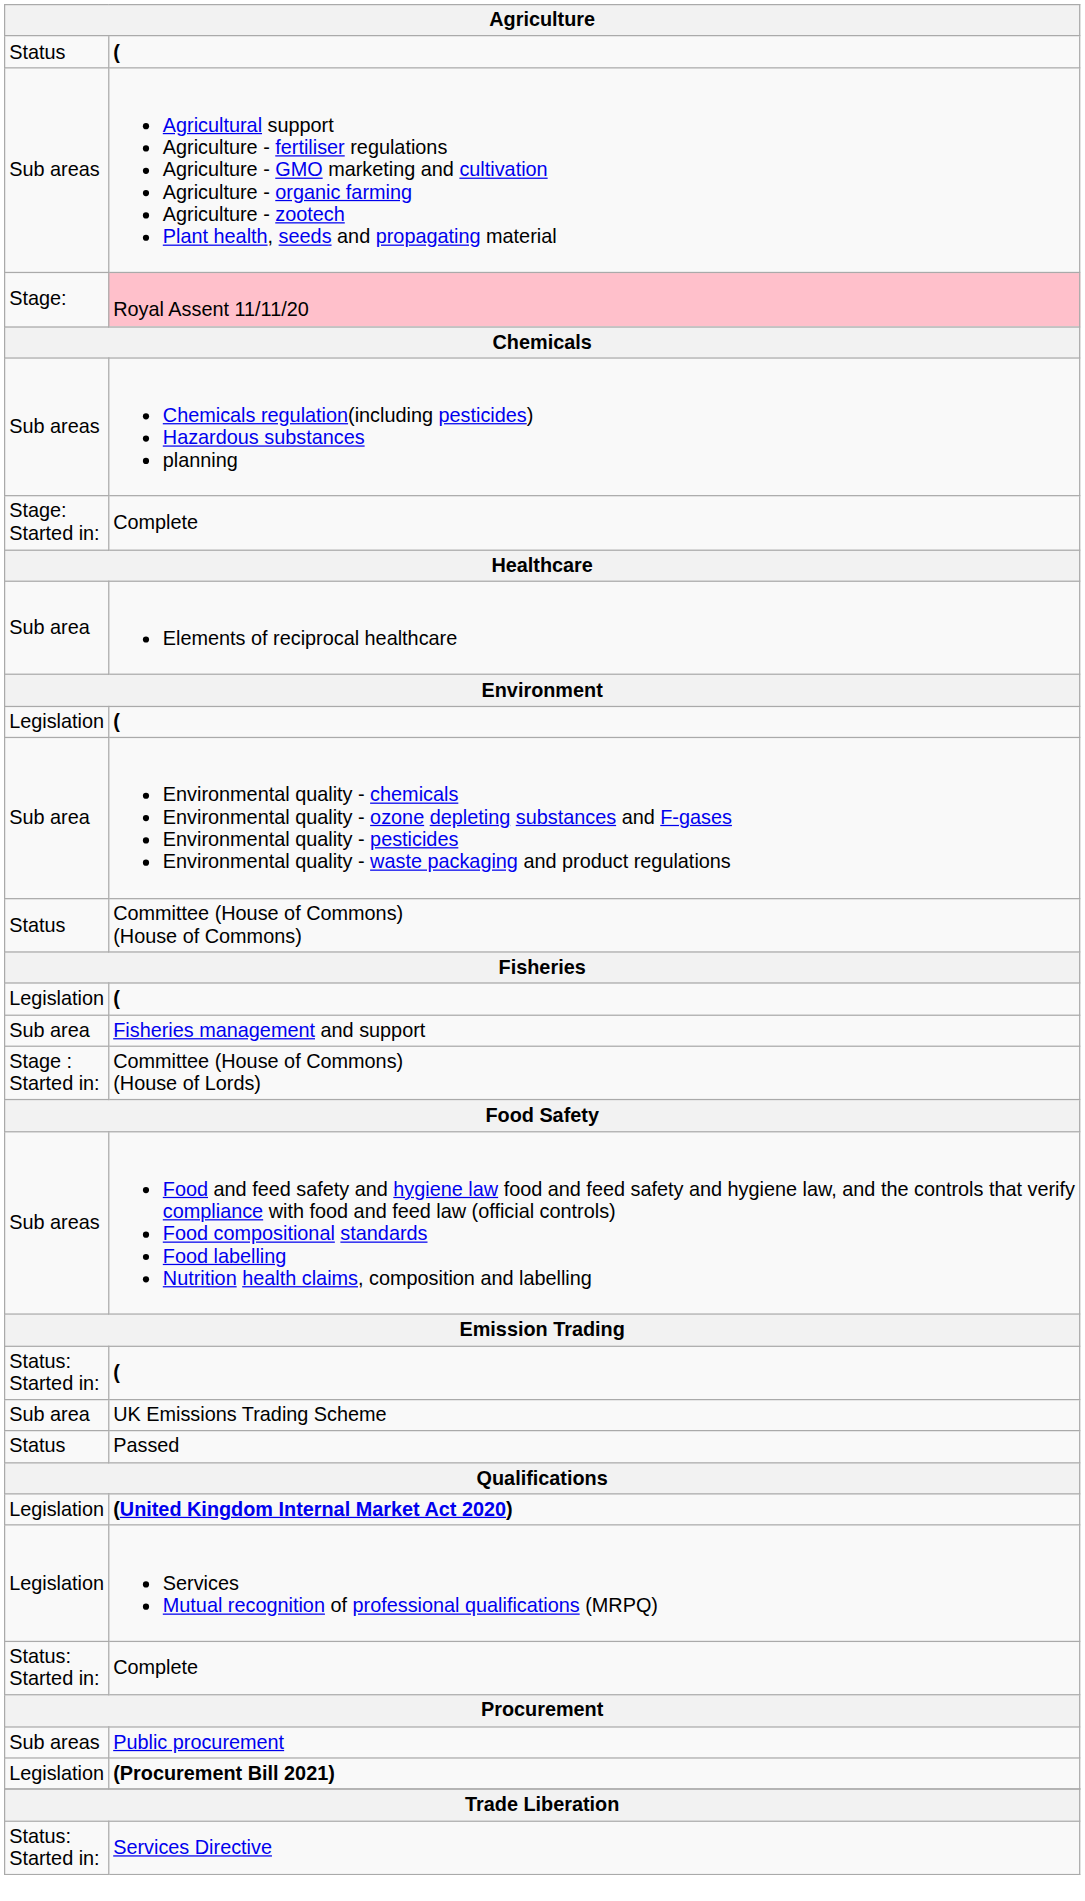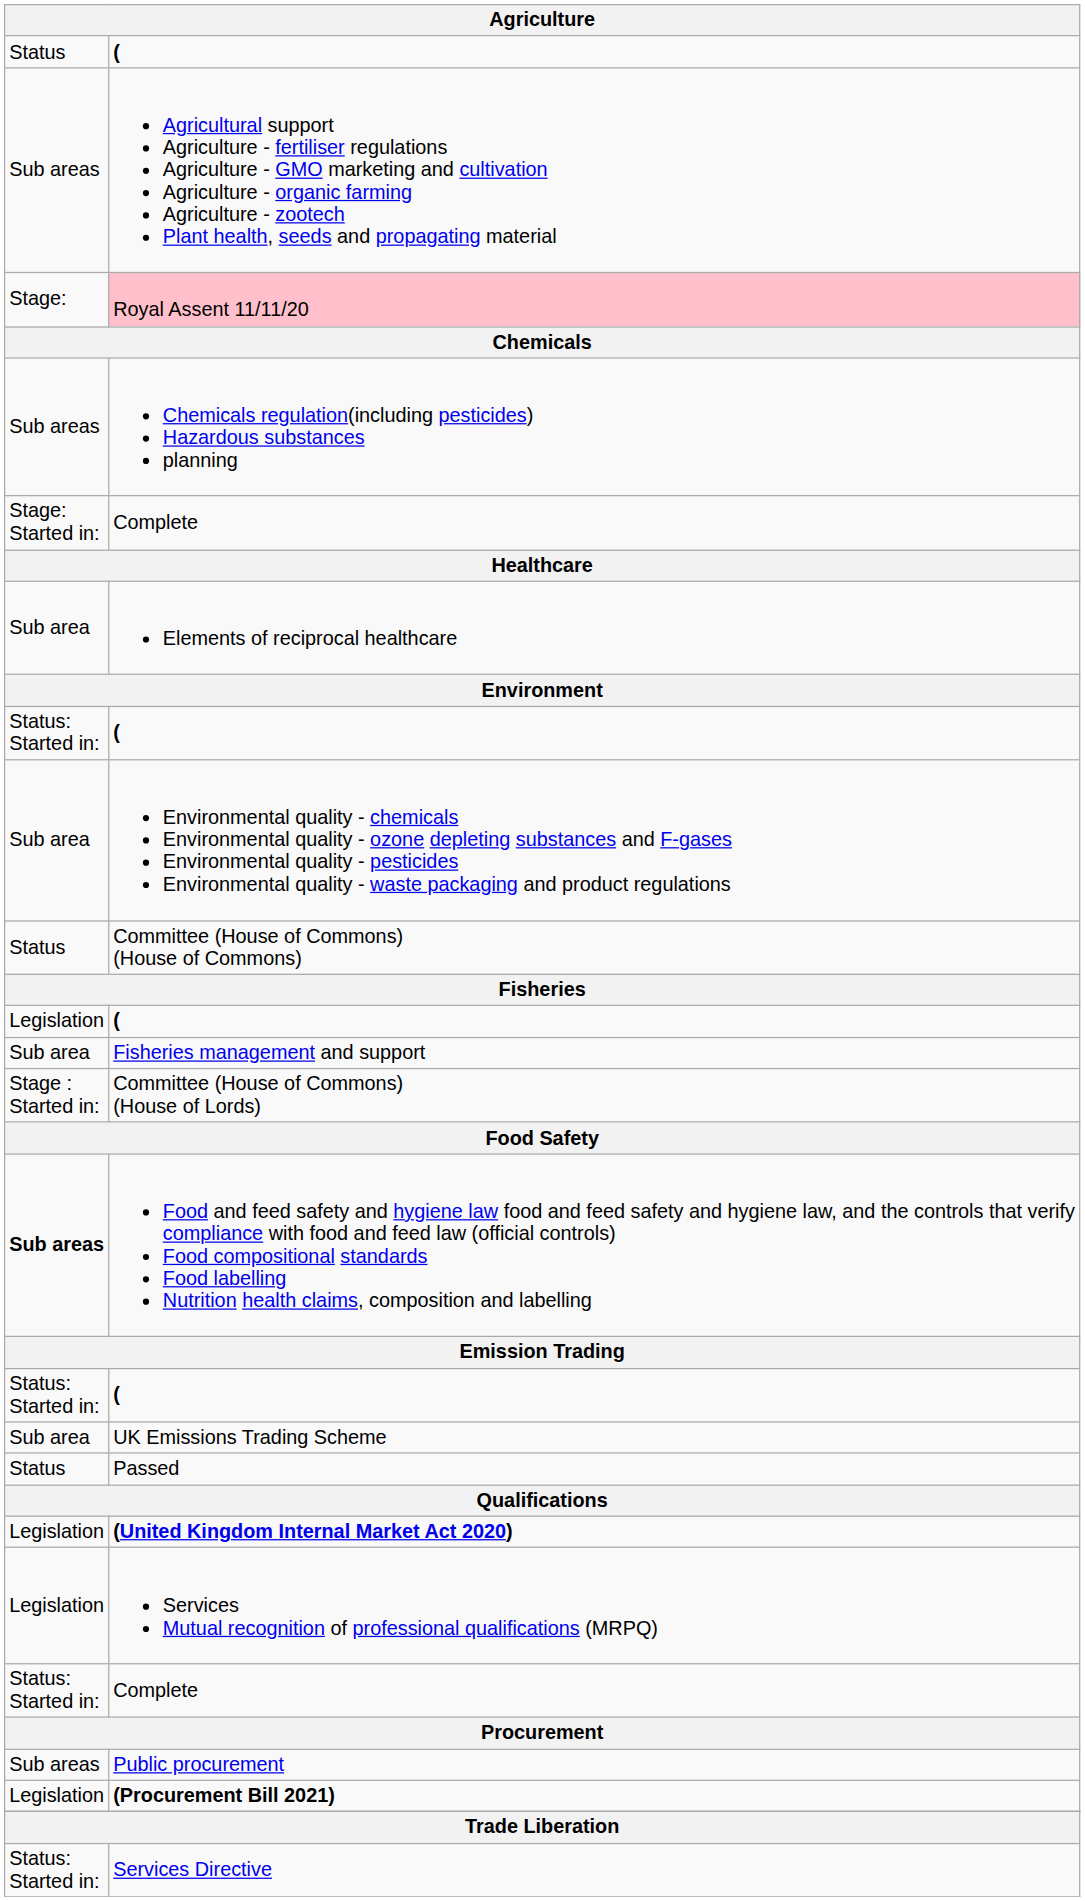 <table class="wikitable">
 <tr>
 <th colspan="2"><strong>Agriculture</strong></th>
 </tr>
 <tr>
 <td>Status</td>
 <td><strong>(</strong></td>
 </tr>
 <tr>
 <td>Sub areas</td>
 <td><br><ul><li><a href='#'>Agricultural</a> support</li><li>Agriculture - <a href='#'>fertiliser</a> regulations</li><li>Agriculture - <a href='#'>GMO</a> marketing and <a href='#'>cultivation</a></li><li>Agriculture - <a href='#'>organic farming</a></li><li>Agriculture - <a href='#'>zootech</a></li><li><a href='#'>Plant health</a>, <a href='#'>seeds</a> and <a href='#'>propagating</a> material</li></ul></td>
 </tr>
 <tr>
 <td>Stage:</td>
 <td style="background: pink;"><br>Royal Assent 11/11/20</td>
 </tr>
 <tr>
 <th colspan="2">Chemicals</th>
 </tr>
 <tr>
 <td>Sub areas</td>
 <td><br><ul><li><a href='#'>Chemicals regulation</a>(including <a href='#'>pesticides</a>)</li><li><a href='#'>Hazardous substances</a></li><li>planning</li></ul></td>
 </tr>
 <tr>
 <td>Stage:<br>Started in:</td>
 <td>Complete</td>
 </tr>
 <tr>
 <th colspan="2">Healthcare</th>
 </tr>
 <tr>
 <td>Sub area</td>
 <td><br><ul><li>Elements of reciprocal healthcare</li></ul></td>
 </tr>
 <tr>
 <th colspan="2">Environment</th>
 </tr>
 <tr>
-<td>Legislation</td>
+<td>Status:<br>Started in:</td>
 <td><strong>(</strong></td>
 </tr>
 <tr>
 <td>Sub area</td>
 <td><br><ul><li>Environmental quality - <a href='#'>chemicals</a></li><li>Environmental quality - <a href='#'>ozone</a> <a href='#'>depleting</a> <a href='#'>substances</a> and <a href='#'>F-gases</a></li><li>Environmental quality - <a href='#'>pesticides</a></li><li>Environmental quality - <a href='#'>waste packaging</a> and product regulations</li></ul></td>
 </tr>
 <tr>
 <td>Status</td>
 <td>Committee (House of Commons)<br>(House of Commons)</td>
 </tr>
 <tr>
 <th colspan="2">Fisheries</th>
 </tr>
 <tr>
 <td>Legislation</td>
 <td><strong>(</strong></td>
 </tr>
 <tr>
 <td>Sub area</td>
 <td><a href='#'>Fisheries management</a> and support</td>
 </tr>
 <tr>
 <td>Stage :<br>Started in:</td>
 <td>Committee (House of Commons)<br>(House of Lords)</td>
 </tr>
 <tr>
 <th colspan="2">Food Safety</th>
 </tr>
 <tr>
-<td>Sub areas</td>
+<td><strong>Sub areas</strong></td>
 <td><br><ul><li><a href='#'>Food</a> and feed safety and <a href='#'>hygiene law</a> food and feed safety and hygiene law, and the controls that verify <a href='#'>compliance</a> with food and feed law (official controls)</li><li><a href='#'>Food compositional</a> <a href='#'>standards</a></li><li><a href='#'>Food labelling</a></li><li><a href='#'>Nutrition</a> <a href='#'>health claims</a>, composition and labelling</li></ul></td>
 </tr>
 <tr>
 <th colspan="2">Emission Trading</th>
 </tr>
 <tr>
 <td>Status:<br>Started in:</td>
 <td><strong>(</strong><br> </td>
 </tr>
 <tr>
 <td>Sub area</td>
 <td>UK Emissions Trading Scheme</td>
 </tr>
 <tr>
 <td>Status</td>
 <td>Passed</td>
 </tr>
 <tr>
 <th colspan="2">Qualifications</th>
 </tr>
 <tr>
 <td>Legislation</td>
 <td><strong>(<a href='#'>United Kingdom Internal Market Act 2020</a>)</strong></td>
 </tr>
 <tr>
 <td>Legislation</td>
 <td><br><ul><li>Services</li><li><a href='#'>Mutual recognition</a> of <a href='#'>professional qualifications</a> (MRPQ)</li></ul></td>
 </tr>
 <tr>
 <td>Status:<br>Started in:</td>
 <td>Complete</td>
 </tr>
 <tr>
 <th colspan="2">Procurement</th>
 </tr>
 <tr>
 <td>Sub areas</td>
 <td><a href='#'>Public procurement</a></td>
 </tr>
 <tr>
 <td>Legislation</td>
 <td><strong>(Procurement Bill 2021)</strong></td>
 </tr>
 <tr>
 </tr>
 <tr>
 <th colspan="2">Trade Liberation</th>
 </tr>
 <tr>
 <td>Status:<br>Started in:</td>
 <td><a href='#'>Services Directive</a></td>
 </tr>
 </table>
